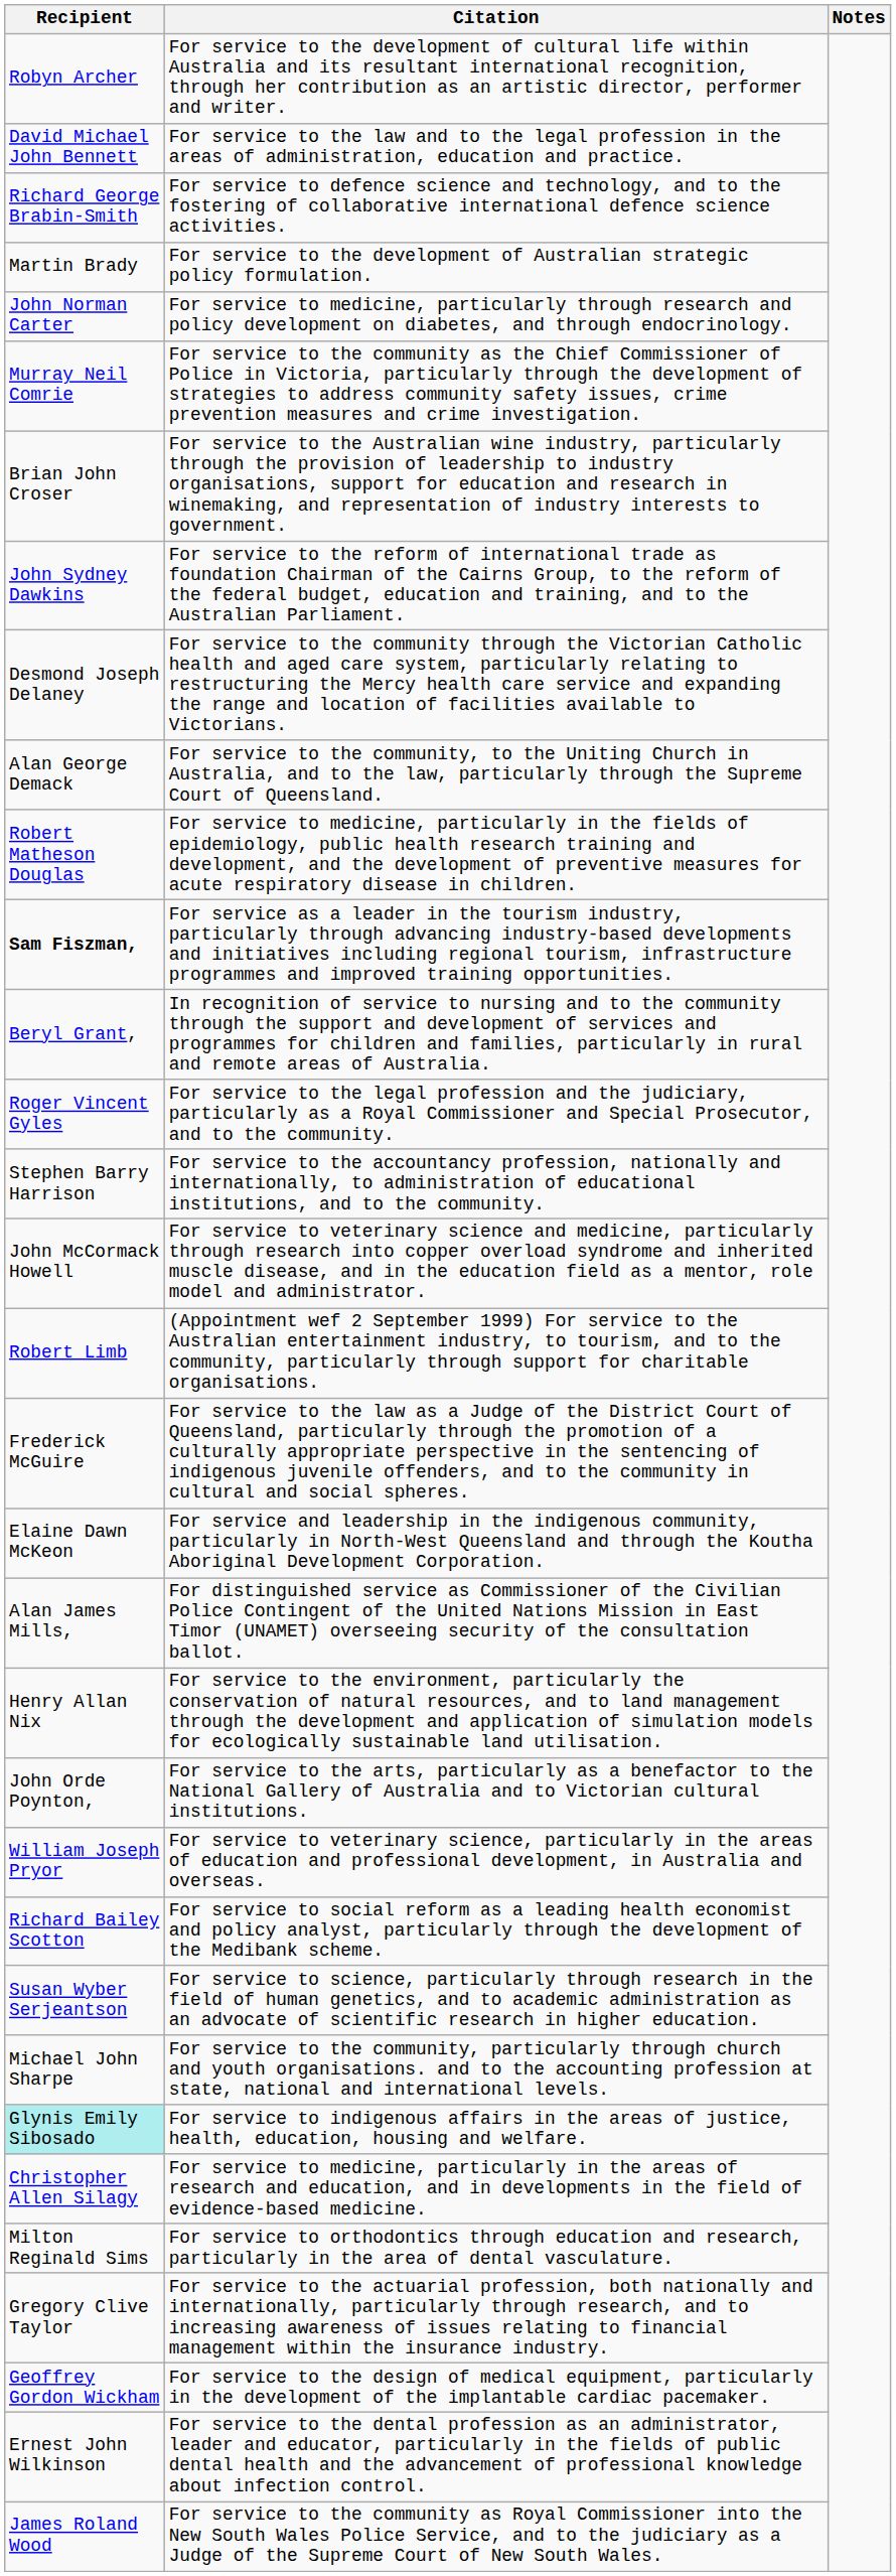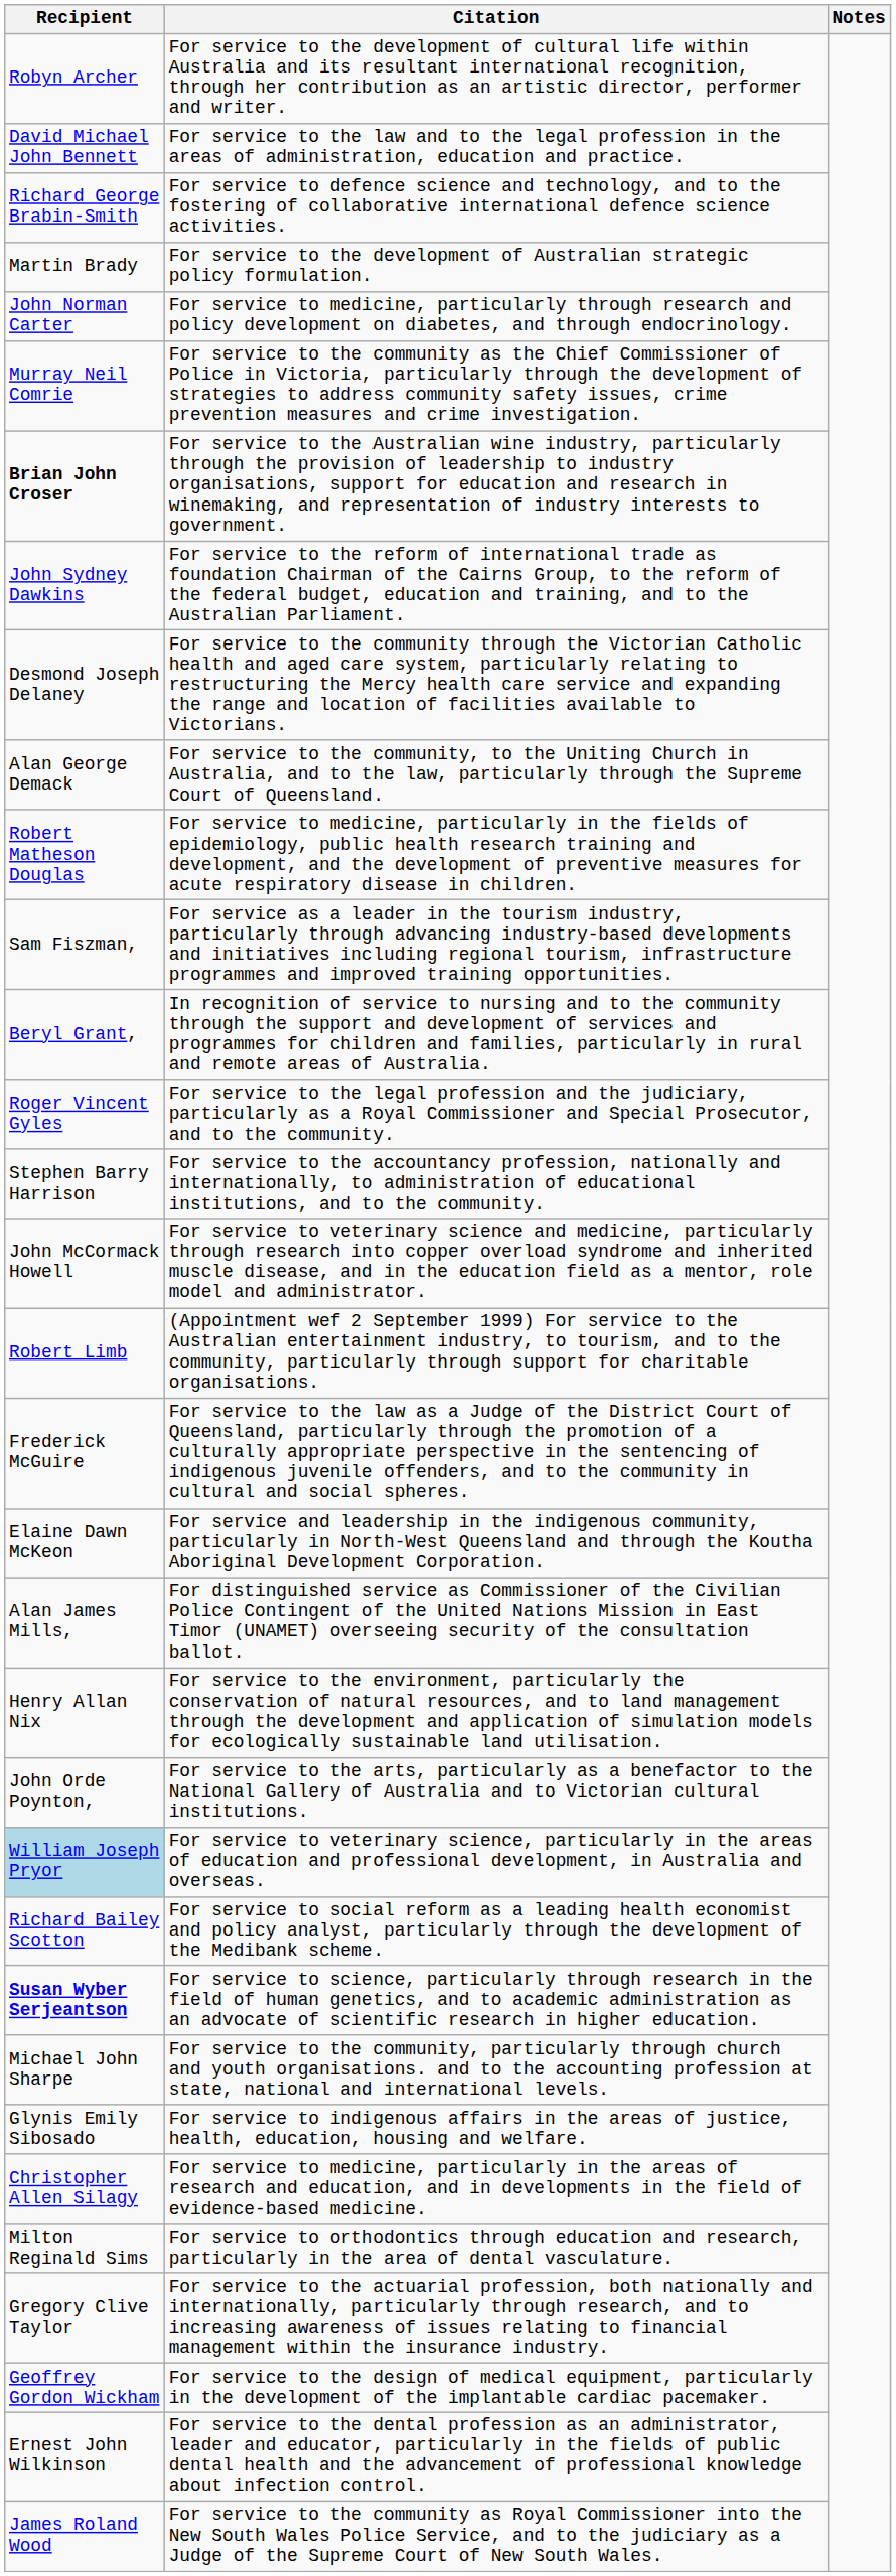 <table class="wikitable" style="font-size:95%;">
 <tr>
 <th>Recipient</th>
 <th>Citation</th>
 <th>Notes</th>
 </tr>
 <tr>
 <td><a href='#'>Robyn Archer</a></td>
 <td>For service to the development of cultural life within Australia and its resultant international recognition, through her contribution as an artistic director, performer and writer.</td>
 <td rowspan=33></td>
 </tr>
 <tr>
 <td><a href='#'>David Michael John Bennett</a></td>
 <td>For service to the law and to the legal profession in the areas of administration, education and practice.</td>
 </tr>
 <tr>
 <td> <a href='#'>Richard George Brabin-Smith</a></td>
 <td>For service to defence science and technology, and to the fostering of collaborative international defence science activities.</td>
 </tr>
 <tr>
 <td>Martin Brady</td>
 <td>For service to the development of Australian strategic policy formulation.</td>
 </tr>
 <tr>
 <td> <a href='#'>John Norman Carter</a></td>
 <td>For service to medicine, particularly through research and policy development on diabetes, and through endocrinology.</td>
 </tr>
 <tr>
 <td><a href='#'>Murray Neil Comrie</a></td>
 <td>For service to the community as the Chief Commissioner of Police in Victoria, particularly through the development of strategies to address community safety issues, crime prevention measures and crime investigation.</td>
 </tr>
 <tr>
-<td>Brian John Croser</td>
+<td><strong>Brian John Croser</strong></td>
 <td>For service to the Australian wine industry, particularly through the provision of leadership to industry organisations, support for education and research in winemaking, and representation of industry interests to government.</td>
 </tr>
 <tr>
 <td> <a href='#'>John Sydney Dawkins</a></td>
 <td>For service to the reform of international trade as foundation Chairman of the Cairns Group, to the reform of the federal budget, education and training, and to the Australian Parliament.</td>
 </tr>
 <tr>
 <td>Desmond Joseph Delaney</td>
 <td>For service to the community through the Victorian Catholic health and aged care system, particularly relating to restructuring the Mercy health care service and expanding the range and location of facilities available to Victorians.</td>
 </tr>
 <tr>
 <td> Alan George Demack</td>
 <td>For service to the community, to the Uniting Church in Australia, and to the law, particularly through the Supreme Court of Queensland.</td>
 </tr>
 <tr>
 <td> <a href='#'>Robert Matheson Douglas</a></td>
 <td>For service to medicine, particularly in the fields of epidemiology, public health research training and development, and the development of preventive measures for acute respiratory disease in children.</td>
 </tr>
 <tr>
-<td><strong>Sam Fiszman, </strong></td>
+<td>Sam Fiszman, </td>
 <td>For service as a leader in the tourism industry, particularly through advancing industry-based developments and initiatives including regional tourism, infrastructure programmes and improved training opportunities.</td>
 </tr>
 <tr>
 <td><a href='#'>Beryl Grant</a>, </td>
 <td>In recognition of service to nursing and to the community through the support and development of services and programmes for children and families, particularly in rural and remote areas of Australia.</td>
 </tr>
 <tr>
 <td> <a href='#'>Roger Vincent Gyles</a></td>
 <td>For service to the legal profession and the judiciary, particularly as a Royal Commissioner and Special Prosecutor, and to the community.</td>
 </tr>
 <tr>
 <td>Stephen Barry Harrison</td>
 <td>For service to the accountancy profession, nationally and internationally, to administration of educational institutions, and to the community.</td>
 </tr>
 <tr>
 <td> John McCormack Howell</td>
 <td>For service to veterinary science and medicine, particularly through research into copper overload syndrome and inherited muscle disease, and in the education field as a mentor, role model and administrator.</td>
 </tr>
 <tr>
 <td><a href='#'>Robert Limb</a></td>
 <td>(Appointment wef 2 September 1999) For service to the Australian entertainment industry, to tourism, and to the community, particularly through support for charitable organisations.</td>
 </tr>
 <tr>
 <td> Frederick McGuire</td>
 <td>For service to the law as a Judge of the District Court of Queensland, particularly through the promotion of a culturally appropriate perspective in the sentencing of indigenous juvenile offenders, and to the community in cultural and social spheres.</td>
 </tr>
 <tr>
 <td>Elaine Dawn McKeon</td>
 <td>For service and leadership in the indigenous community, particularly in North-West Queensland and through the Koutha Aboriginal Development Corporation.</td>
 </tr>
 <tr>
 <td>Alan James Mills, </td>
 <td>For distinguished service as Commissioner of the Civilian Police Contingent of the United Nations Mission in East Timor (UNAMET) overseeing security of the consultation ballot.</td>
 </tr>
 <tr>
 <td> Henry Allan Nix</td>
 <td>For service to the environment, particularly the conservation of natural resources, and to land management through the development and application of simulation models for ecologically sustainable land utilisation.</td>
 </tr>
 <tr>
 <td> John Orde Poynton, </td>
 <td>For service to the arts, particularly as a benefactor to the National Gallery of Australia and to Victorian cultural institutions.</td>
 </tr>
 <tr>
-<td> <a href='#'>William Joseph Pryor</a></td>
+<td style="background: lightblue;"> <a href='#'>William Joseph Pryor</a></td>
 <td>For service to veterinary science, particularly in the areas of education and professional development, in Australia and overseas.</td>
 </tr>
 <tr>
 <td> <a href='#'>Richard Bailey Scotton</a></td>
 <td>For service to social reform as a leading health economist and policy analyst, particularly through the development of the Medibank scheme.</td>
 </tr>
 <tr>
-<td> <a href='#'>Susan Wyber Serjeantson</a></td>
+<td><strong> <a href='#'>Susan Wyber Serjeantson</a></strong></td>
 <td>For service to science, particularly through research in the field of human genetics, and to academic administration as an advocate of scientific research in higher education.</td>
 </tr>
 <tr>
 <td> Michael John Sharpe</td>
 <td>For service to the community, particularly through church and youth organisations. and to the accounting profession at state, national and international levels.</td>
 </tr>
 <tr>
-<td style="background: paleturquoise;">Glynis Emily Sibosado</td>
+<td>Glynis Emily Sibosado</td>
 <td>For service to indigenous affairs in the areas of justice, health, education, housing and welfare.</td>
 </tr>
 <tr>
 <td> <a href='#'>Christopher Allen Silagy</a></td>
 <td>For service to medicine, particularly in the areas of research and education, and in developments in the field of evidence-based medicine.</td>
 </tr>
 <tr>
 <td> Milton Reginald Sims</td>
 <td>For service to orthodontics through education and research, particularly in the area of dental vasculature.</td>
 </tr>
 <tr>
 <td> Gregory Clive Taylor</td>
 <td>For service to the actuarial profession, both nationally and internationally, particularly through research, and to increasing awareness of issues relating to financial management within the insurance industry.</td>
 </tr>
 <tr>
 <td><a href='#'>Geoffrey Gordon Wickham</a></td>
 <td>For service to the design of medical equipment, particularly in the development of the implantable cardiac pacemaker.</td>
 </tr>
 <tr>
 <td> Ernest John Wilkinson</td>
 <td>For service to the dental profession as an administrator, leader and educator, particularly in the fields of public dental health and the advancement of professional knowledge about infection control.</td>
 </tr>
 <tr>
 <td> <a href='#'>James Roland Wood</a></td>
 <td>For service to the community as Royal Commissioner into the New South Wales Police Service, and to the judiciary as a Judge of the Supreme Court of New South Wales.</td>
 </tr>
 </table>
